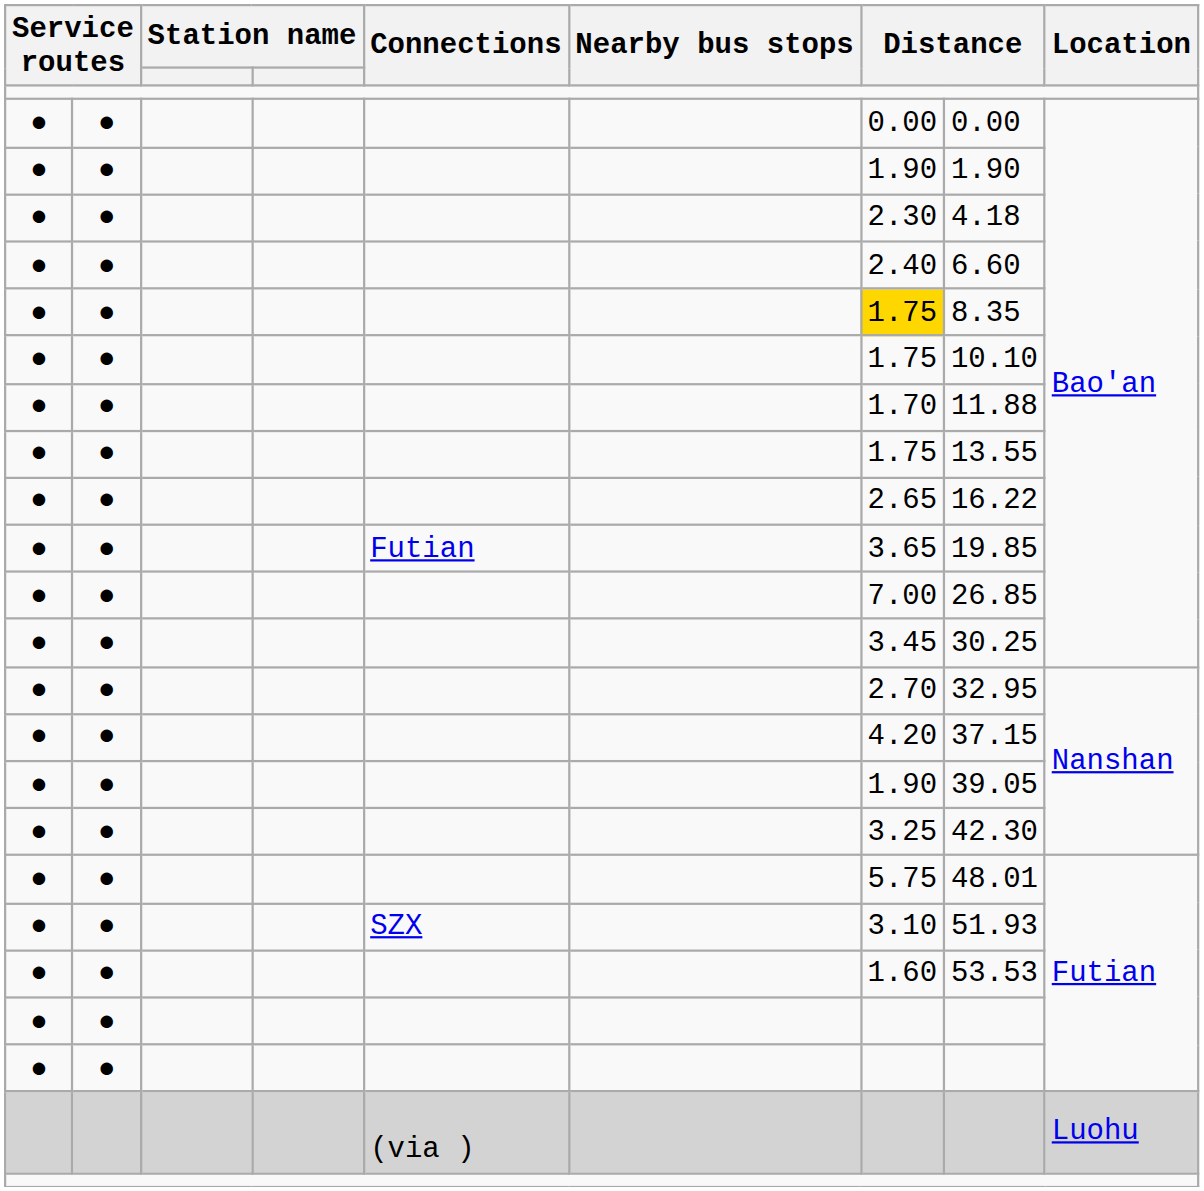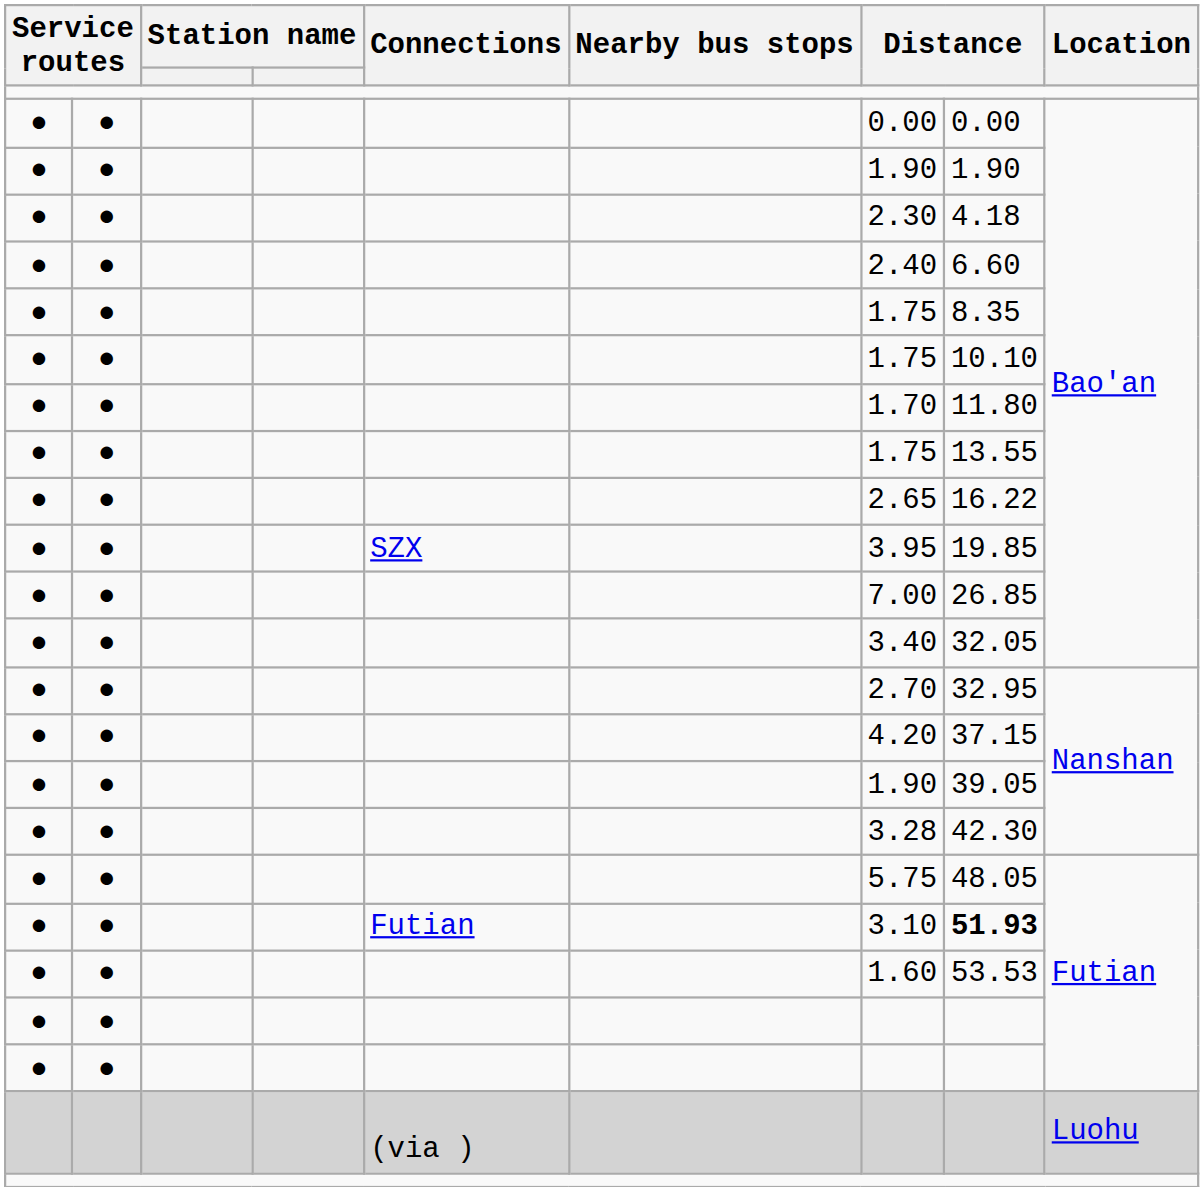 <table class="wikitable">
 <tr>
 <th rowspan="2" colspan="2">Service<br>routes</th>
 <th colspan="2">Station name</th>
 <th rowspan="2">Connections</th>
 <th rowspan="2">Nearby bus stops</th>
 <th colspan="2" rowspan="2">Distance<br></th>
 <th rowspan="2">Location</th>
 </tr>
 <tr>
 <th></th>
 <th></th>
 </tr>
 <tr style="background:#">
 <td colspan="9"></td>
 </tr>
 <tr>
 <td align="center">●</td>
 <td align="center">●</td>
 <td></td>
 <td></td>
 <td></td>
 <td></td>
 <td>0.00</td>
 <td>0.00</td>
 <td rowspan="12"><a href='#'>Bao'an</a></td>
 </tr>
 <tr>
 <td align="center">●</td>
 <td align="center">●</td>
 <td></td>
 <td></td>
 <td> </td>
 <td></td>
 <td>1.90</td>
 <td>1.90</td>
 </tr>
 <tr>
 <td align="center">●</td>
 <td align="center">●</td>
 <td></td>
 <td></td>
 <td></td>
 <td></td>
 <td>2.30</td>
 <td>4.18</td>
 </tr>
 <tr>
 <td align="center">●</td>
 <td align="center">●</td>
 <td></td>
 <td></td>
 <td></td>
 <td></td>
 <td>2.40</td>
 <td>6.60</td>
 </tr>
 <tr>
 <td align="center">●</td>
 <td align="center">●</td>
 <td></td>
 <td></td>
 <td></td>
 <td></td>
-<td style="background: gold;">1.75</td>
+<td>1.75</td>
 <td>8.35</td>
 </tr>
 <tr>
 <td align="center">●</td>
 <td align="center">●</td>
 <td></td>
 <td></td>
 <td></td>
 <td></td>
 <td>1.75</td>
 <td>10.10</td>
 </tr>
 <tr>
 <td align="center">●</td>
 <td align="center">●</td>
 <td></td>
 <td></td>
 <td></td>
 <td></td>
 <td>1.70</td>
-<td>11.88</td>
+<td>11.80</td>
 </tr>
 <tr>
 <td align="center">●</td>
 <td align="center">●</td>
 <td></td>
 <td></td>
 <td></td>
 <td></td>
 <td>1.75</td>
 <td>13.55</td>
 </tr>
 <tr>
 <td align="center">●</td>
 <td align="center">●</td>
 <td></td>
 <td></td>
 <td></td>
 <td></td>
 <td>2.65</td>
 <td>16.22</td>
 </tr>
 <tr>
 <td align="center">●</td>
 <td align="center">●</td>
 <td></td>
 <td></td>
-<td>   <a href='#'>Futian</a></td>
+<td> <a href='#'>SZX</a></td>
 <td></td>
-<td>3.65</td>
+<td>3.95</td>
 <td>19.85</td>
 </tr>
 <tr>
 <td align="center">●</td>
 <td align="center">●</td>
 <td></td>
 <td></td>
 <td></td>
 <td></td>
 <td>7.00</td>
 <td>26.85</td>
 </tr>
 <tr>
 <td align="center">●</td>
 <td align="center">●</td>
 <td></td>
 <td></td>
 <td></td>
 <td></td>
-<td>3.45</td>
-<td>30.25</td>
+<td>3.40</td>
+<td>32.05</td>
 </tr>
 <tr>
 <td align="center">●</td>
 <td align="center">●</td>
 <td></td>
 <td></td>
 <td> </td>
 <td></td>
 <td>2.70</td>
 <td>32.95</td>
 <td rowspan="4"><a href='#'>Nanshan</a></td>
 </tr>
 <tr>
 <td align="center">●</td>
 <td align="center">●</td>
 <td></td>
 <td></td>
 <td></td>
 <td></td>
 <td>4.20</td>
 <td>37.15</td>
 </tr>
 <tr>
 <td align="center">●</td>
 <td align="center">●</td>
 <td></td>
 <td></td>
 <td> </td>
 <td></td>
 <td>1.90</td>
 <td>39.05</td>
 </tr>
 <tr>
 <td align="center">●</td>
 <td align="center">●</td>
 <td></td>
 <td></td>
 <td></td>
 <td></td>
-<td>3.25</td>
+<td>3.28</td>
 <td>42.30</td>
 </tr>
 <tr>
 <td align="center">●</td>
 <td align="center">●</td>
 <td></td>
 <td></td>
 <td>  </td>
 <td></td>
 <td>5.75</td>
-<td>48.01</td>
+<td>48.05</td>
 <td rowspan="5"><a href='#'>Futian</a></td>
 </tr>
 <tr>
 <td align="center">●</td>
 <td align="center">●</td>
 <td></td>
 <td></td>
-<td> <a href='#'>SZX</a></td>
+<td>   <a href='#'>Futian</a></td>
 <td></td>
 <td>3.10</td>
-<td>51.93</td>
+<td><strong>51.93</strong></td>
 </tr>
 <tr>
 <td align="center">●</td>
 <td align="center">●</td>
 <td></td>
 <td></td>
 <td>  </td>
 <td></td>
 <td>1.60</td>
 <td>53.53</td>
 </tr>
 <tr>
 <td align="center">●</td>
 <td align="center">●</td>
 <td></td>
 <td></td>
 <td></td>
 <td></td>
 <td></td>
 <td></td>
 </tr>
 <tr>
 <td align="center">●</td>
 <td align="center">●</td>
 <td></td>
 <td></td>
 <td></td>
 <td></td>
 <td></td>
 <td></td>
 </tr>
 <tr bgcolor="lightgrey">
 <td></td>
 <td></td>
 <td><em></em></td>
 <td></td>
 <td><br>   (via )</td>
 <td></td>
 <td></td>
 <td></td>
 <td rowspan="1"><a href='#'>Luohu</a></td>
 </tr>
 <tr style="background:#">
 <td colspan="9"></td>
 </tr>
 </table>
